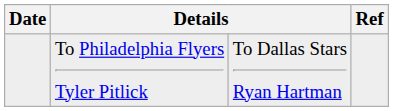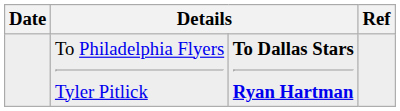 <table class="wikitable">
 <tr>
 <th>Date</th>
 <th colspan="2">Details</th>
 <th>Ref</th>
 </tr>
 <tr style="background:#eee;">
 <td></td>
 <td valign="top">To <a href='#'>Philadelphia Flyers</a><hr><a href='#'>Tyler Pitlick</a></td>
-<td valign="top">To Dallas Stars<hr><a href='#'>Ryan Hartman</a></td>
+<td valign="top"><strong>To Dallas Stars<hr><a href='#'>Ryan Hartman</a></strong></td>
 <td></td>
 </tr>
 </table>
